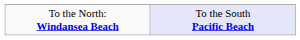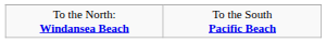 <table class="wikitable" style="margin: 0.5em auto; clear: both; font-size:95%;">
 <tr style="text-align: center;">
 </tr>
 <tr style="text-align: center;">
 <td width="30%" align="center" rowspan="1">To the North:<br><strong><a href='#'>Windansea Beach</a></strong><br></td>
-<td width="30%" align="center" rowspan="1" style="background: lavender;">To the South<br><strong><a href='#'>Pacific Beach</a></strong></td>
+<td width="30%" align="center" rowspan="1">To the South<br><strong><a href='#'>Pacific Beach</a></strong></td>
 </tr>
 </table>
